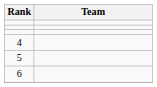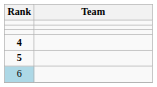 <table class="wikitable">
 <tr>
 <th style="width: 40px;">Rank</th>
 <th style="width: 180px;">Team</th>
 </tr>
 <tr>
 <td align=center></td>
 <td></td>
 </tr>
 <tr>
 <td align=center></td>
 <td></td>
 </tr>
 <tr>
 <td align=center></td>
 <td></td>
 </tr>
 <tr>
-<td align=center>4</td>
+<td align=center><strong>4</strong></td>
 <td></td>
 </tr>
 <tr>
-<td align=center>5</td>
+<td align=center><strong>5</strong></td>
 <td></td>
 </tr>
 <tr>
-<td align=center>6</td>
+<td align=center style="background: lightblue;">6</td>
 <td></td>
 </tr>
 <tr>
 </tr>
 </table>
